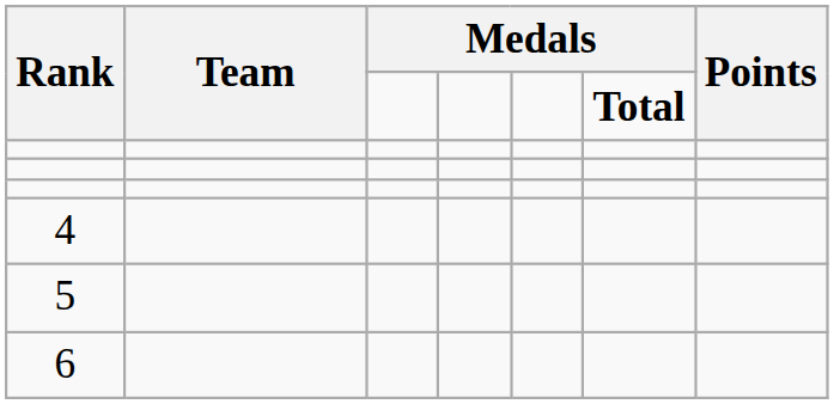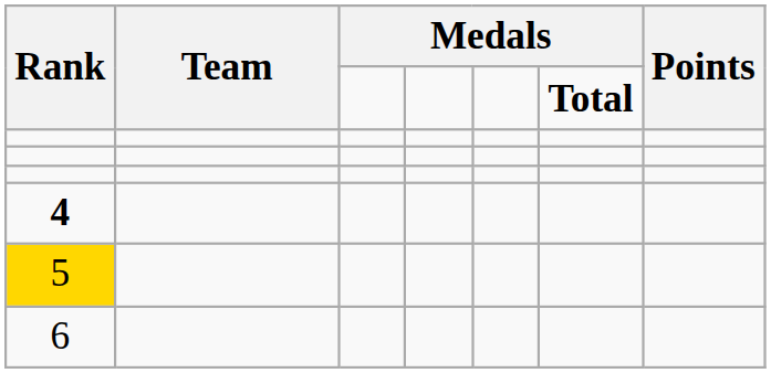 <table class="wikitable">
 <tr>
 <th rowspan=2>Rank</th>
 <th style="width:85px;" rowspan="2">Team</th>
 <th colspan=4>Medals</th>
 <th rowspan=2>Points</th>
 </tr>
 <tr>
 <td style="width:20px; text-align:center;"></td>
 <td style="width:20px; text-align:center;"></td>
 <td style="width:20px; text-align:center;"></td>
 <td><strong>Total</strong></td>
 </tr>
 <tr>
 <td align=center></td>
 <td></td>
 <td align=center></td>
 <td align=center></td>
 <td align=center></td>
 <td align=center></td>
 <td align=center></td>
 </tr>
 <tr>
 <td align=center></td>
 <td></td>
 <td align=center></td>
 <td align=center></td>
 <td align=center></td>
 <td align=center></td>
 <td align=center></td>
 </tr>
 <tr>
 <td align=center></td>
 <td><strong></strong></td>
 <td align=center></td>
 <td align=center></td>
 <td align=center></td>
 <td align=center></td>
 <td align=center></td>
 </tr>
 <tr>
-<td align=center>4</td>
+<td align=center><strong>4</strong></td>
 <td></td>
 <td align=center></td>
 <td align=center></td>
 <td align=center></td>
 <td align=center></td>
 <td align=center></td>
 </tr>
 <tr>
-<td align=center>5</td>
+<td align=center style="background: gold;">5</td>
 <td></td>
 <td align=center></td>
 <td align=center></td>
 <td align=center></td>
 <td align=center></td>
 <td align=center></td>
 </tr>
 <tr>
 <td align=center>6</td>
 <td></td>
 <td align=center></td>
 <td align=center></td>
 <td align=center></td>
 <td align=center></td>
 <td align=center><strong> </strong></td>
 </tr>
 </table>
